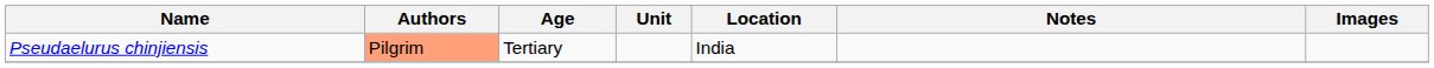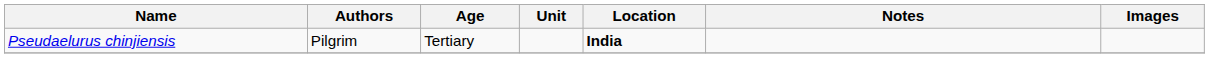 <table class="wikitable sortable" align="center" width="100%">
 <tr>
 <th>Name</th>
 <th>Authors</th>
 <th>Age</th>
 <th>Unit</th>
 <th>Location</th>
 <th width="33%" class="unsortable">Notes</th>
 <th class="unsortable">Images</th>
 </tr>
 <tr>
 <td><em><a href='#'>Pseudaelurus chinjiensis</a></em></td>
-<td style="background: lightsalmon;">Pilgrim</td>
+<td>Pilgrim</td>
 <td>Tertiary</td>
 <td></td>
-<td>India</td>
+<td><strong>India</strong></td>
 <td></td>
 <td></td>
 </tr>
 <tr>
 </tr>
 </table>
